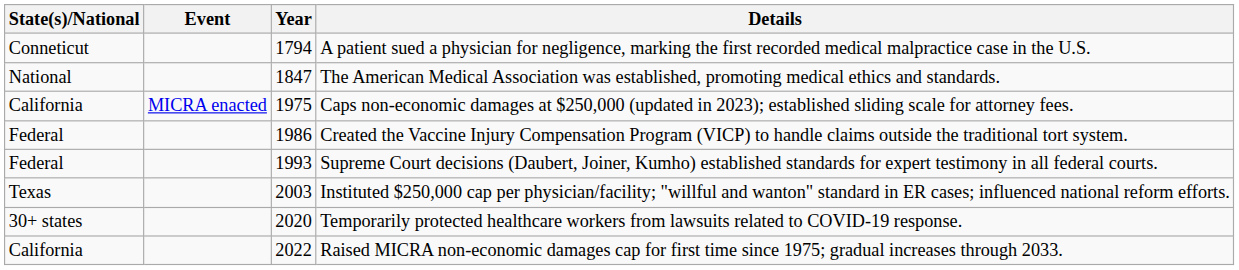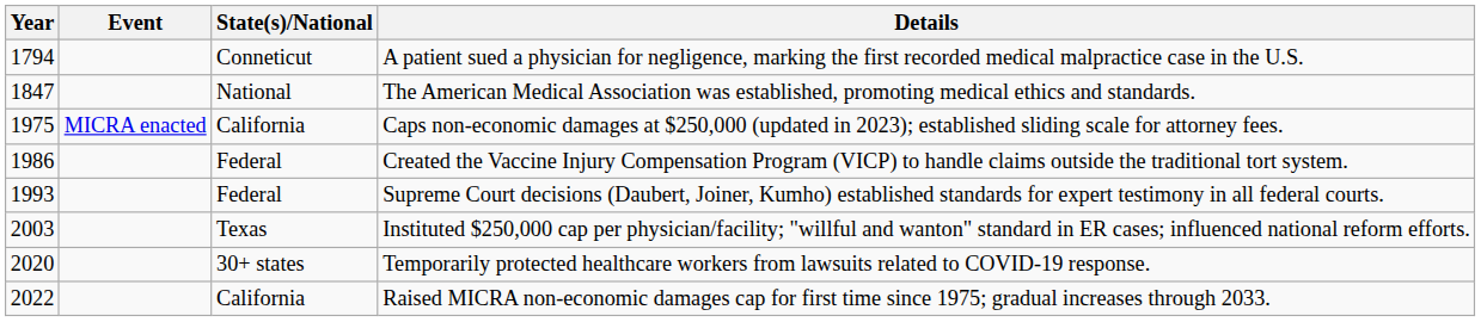 <table class="wikitable">
 <tr>
+<th>Year</th>
+<th>Event</th>
 <th>State(s)/National</th>
-<th>Event</th>
-<th>Year</th>
 <th>Details</th>
 </tr>
 <tr>
+<td>1794</td>
+<td></td>
 <td>Conneticut</td>
-<td></td>
-<td>1794</td>
 <td>A patient sued a physician for negligence, marking the first recorded medical malpractice case in the U.S.</td>
 </tr>
 <tr>
+<td>1847</td>
+<td></td>
 <td>National</td>
-<td></td>
-<td>1847</td>
 <td>The American Medical Association was established, promoting medical ethics and standards.</td>
 </tr>
 <tr>
+<td>1975</td>
+<td><a href='#'>MICRA enacted</a></td>
 <td>California</td>
-<td><a href='#'>MICRA enacted</a></td>
-<td>1975</td>
 <td>Caps non-economic damages at $250,000 (updated in 2023); established sliding scale for attorney fees.</td>
 </tr>
 <tr>
+<td>1986</td>
+<td></td>
 <td>Federal</td>
-<td></td>
-<td>1986</td>
 <td>Created the Vaccine Injury Compensation Program (VICP) to handle claims outside the traditional tort system.</td>
 </tr>
 <tr>
+<td>1993</td>
+<td></td>
 <td>Federal</td>
-<td></td>
-<td>1993</td>
 <td>Supreme Court decisions (Daubert, Joiner, Kumho) established standards for expert testimony in all federal courts.</td>
 </tr>
 <tr>
+<td>2003</td>
+<td></td>
 <td>Texas</td>
-<td></td>
-<td>2003</td>
 <td>Instituted $250,000 cap per physician/facility; "willful and wanton" standard in ER cases; influenced national reform efforts.</td>
 </tr>
 <tr>
+<td>2020</td>
+<td></td>
 <td>30+ states</td>
-<td></td>
-<td>2020</td>
 <td>Temporarily protected healthcare workers from lawsuits related to COVID-19 response.</td>
 </tr>
 <tr>
+<td>2022</td>
+<td></td>
 <td>California</td>
-<td></td>
-<td>2022</td>
 <td>Raised MICRA non-economic damages cap for first time since 1975; gradual increases through 2033.</td>
 </tr>
 </table>
